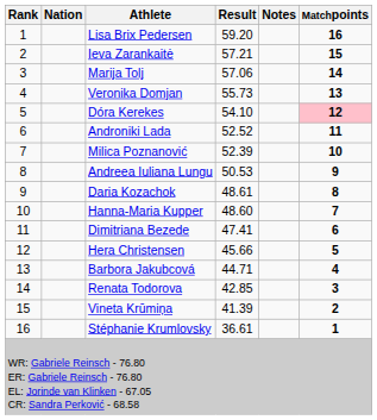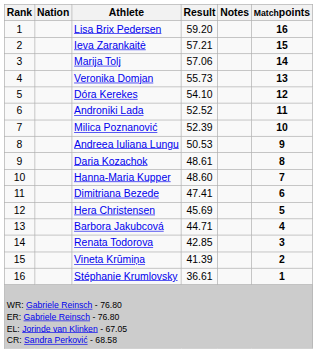 <table class="wikitable sortable" style="text-align:left;">
 <tr>
 <th>Rank</th>
 <th>Nation</th>
 <th>Athlete</th>
 <th>Result</th>
 <th>Notes</th>
 <th><small>Match</small>points</th>
 </tr>
 <tr>
 <td align=center>1</td>
 <td></td>
 <td><a href='#'>Lisa Brix Pedersen</a></td>
 <td align=center>59.20</td>
 <td></td>
 <td align=center><strong>16</strong></td>
 </tr>
 <tr>
 <td align=center>2</td>
 <td></td>
 <td><a href='#'>Ieva Zarankaitė</a></td>
 <td align=center>57.21</td>
 <td></td>
 <td align=center><strong>15</strong></td>
 </tr>
 <tr>
 <td align=center>3</td>
 <td></td>
 <td><a href='#'>Marija Tolj</a></td>
 <td align=center>57.06</td>
 <td></td>
 <td align=center><strong>14</strong></td>
 </tr>
 <tr>
 <td align=center>4</td>
 <td></td>
 <td><a href='#'>Veronika Domjan</a></td>
 <td align=center>55.73</td>
 <td></td>
 <td align=center><strong>13</strong></td>
 </tr>
 <tr>
 <td align=center>5</td>
 <td></td>
 <td><a href='#'>Dóra Kerekes</a></td>
 <td align=center>54.10</td>
 <td></td>
-<td align=center style="background: pink;"><strong>12</strong></td>
+<td align=center><strong>12</strong></td>
 </tr>
 <tr>
 <td align=center>6</td>
 <td></td>
 <td><a href='#'>Androniki Lada</a></td>
 <td align=center>52.52</td>
 <td></td>
 <td align=center><strong>11</strong></td>
 </tr>
 <tr>
 <td align=center>7</td>
 <td></td>
 <td><a href='#'>Milica Poznanović</a></td>
 <td align=center>52.39</td>
 <td align=center></td>
 <td align=center><strong>10</strong></td>
 </tr>
 <tr>
 <td align=center>8</td>
 <td></td>
 <td><a href='#'>Andreea Iuliana Lungu</a></td>
 <td align=center>50.53</td>
 <td></td>
 <td align=center><strong>9</strong></td>
 </tr>
 <tr>
 <td align=center>9</td>
 <td></td>
 <td><a href='#'>Daria Kozachok</a></td>
 <td align=center>48.61</td>
 <td align=center></td>
 <td align=center><strong>8</strong></td>
 </tr>
 <tr>
 <td align=center>10</td>
 <td></td>
 <td><a href='#'>Hanna-Maria Kupper</a></td>
 <td align=center>48.60</td>
 <td align=center></td>
 <td align=center><strong>7</strong></td>
 </tr>
 <tr>
 <td align=center>11</td>
 <td></td>
 <td><a href='#'>Dimitriana Bezede</a></td>
 <td align=center>47.41</td>
 <td></td>
 <td align=center><strong>6</strong></td>
 </tr>
 <tr>
 <td align=center>12</td>
 <td></td>
 <td><a href='#'>Hera Christensen</a></td>
-<td align=center>45.66</td>
+<td align=center>45.69</td>
 <td></td>
 <td align=center><strong>5</strong></td>
 </tr>
 <tr>
 <td align=center>13</td>
 <td></td>
 <td><a href='#'>Barbora Jakubcová</a></td>
 <td align=center>44.71</td>
 <td></td>
 <td align=center><strong>4</strong></td>
 </tr>
 <tr>
 <td align=center>14</td>
 <td></td>
 <td><a href='#'>Renata Todorova</a></td>
 <td align=center>42.85</td>
 <td></td>
 <td align=center><strong>3</strong></td>
 </tr>
 <tr>
 <td align=center>15</td>
 <td></td>
 <td><a href='#'>Vineta Krūmiņa</a></td>
 <td align=center>41.39</td>
 <td></td>
 <td align=center><strong>2</strong></td>
 </tr>
 <tr>
 <td align=center>16</td>
 <td></td>
 <td><a href='#'>Stéphanie Krumlovsky</a></td>
 <td align=center>36.61</td>
 <td></td>
 <td align=center><strong>1</strong></td>
 </tr>
 <tr>
 <td colspan="6" bgcolor="#cccccc"><br> <small>WR:  <a href='#'>Gabriele Reinsch</a> - 76.80<br>ER:  <a href='#'>Gabriele Reinsch</a> - 76.80<br></small> <small>EL:   <a href='#'>Jorinde van Klinken</a> - 67.05<br>CR:  <a href='#'>Sandra Perković</a> - 68.58</small></td>
 </tr>
 </table>
